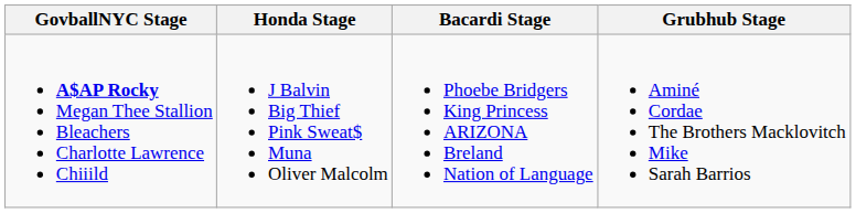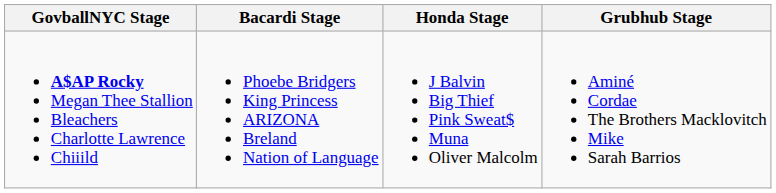 <table class="wikitable">
 <tr>
 <th>GovballNYC Stage</th>
+<th>Bacardi Stage</th>
 <th>Honda Stage</th>
-<th>Bacardi Stage</th>
 <th>Grubhub Stage</th>
 </tr>
 <tr valign="top">
 <td><br><ul><li><strong><a href='#'>A$AP Rocky</a></strong></li><li><a href='#'>Megan Thee Stallion</a></li><li><a href='#'>Bleachers</a></li><li><a href='#'>Charlotte Lawrence</a></li><li><a href='#'>Chiiild</a></li></ul></td>
+<td><br><ul><li><a href='#'>Phoebe Bridgers</a></li><li><a href='#'>King Princess</a></li><li><a href='#'>ARIZONA</a></li><li><a href='#'>Breland</a></li><li><a href='#'>Nation of Language</a></li></ul></td>
 <td><br><ul><li><a href='#'>J Balvin</a></li><li><a href='#'>Big Thief</a></li><li><a href='#'>Pink Sweat$</a></li><li><a href='#'>Muna</a></li><li>Oliver Malcolm</li></ul></td>
-<td><br><ul><li><a href='#'>Phoebe Bridgers</a></li><li><a href='#'>King Princess</a></li><li><a href='#'>ARIZONA</a></li><li><a href='#'>Breland</a></li><li><a href='#'>Nation of Language</a></li></ul></td>
 <td><br><ul><li><a href='#'>Aminé</a></li><li><a href='#'>Cordae</a></li><li>The Brothers Macklovitch</li><li><a href='#'>Mike</a></li><li>Sarah Barrios</li></ul></td>
 </tr>
 </table>
